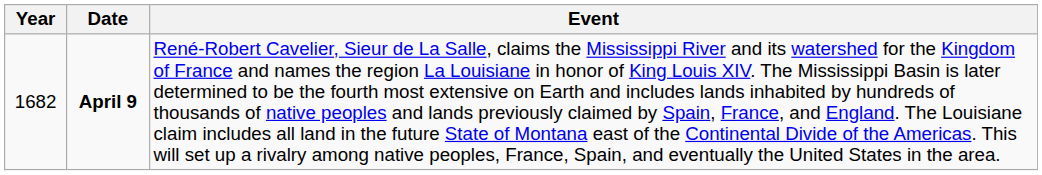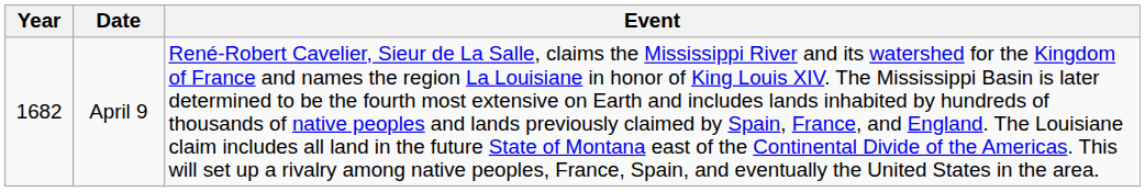 <table class="wikitable" style="width:100%;">
 <tr>
 <th style="width:6%">Year</th>
 <th style="width:8%">Date</th>
 <th style="width:86%">Event</th>
 </tr>
 <tr>
 <td align=center>1682</td>
-<td align=center><strong>April 9</strong></td>
+<td align=center>April 9</td>
 <td><a href='#'>René-Robert Cavelier, Sieur de La Salle</a>, claims the <a href='#'>Mississippi River</a> and its <a href='#'>watershed</a> for the <a href='#'>Kingdom of France</a> and names the region <a href='#'>La Louisiane</a> in honor of <a href='#'>King Louis XIV</a>.  The Mississippi Basin is later determined to be the fourth most extensive on Earth and includes lands inhabited by hundreds of thousands of <a href='#'>native peoples</a> and lands previously claimed by <a href='#'>Spain</a>, <a href='#'>France</a>, and <a href='#'>England</a>.  The Louisiane claim includes all land in the future <a href='#'>State of Montana</a> east of the <a href='#'>Continental Divide of the Americas</a>. This will set up a rivalry among native peoples, France, Spain, and eventually the United States in the area.</td>
 </tr>
 </table>
